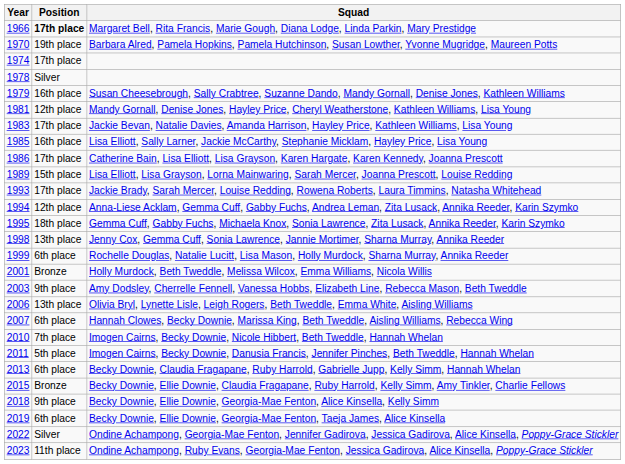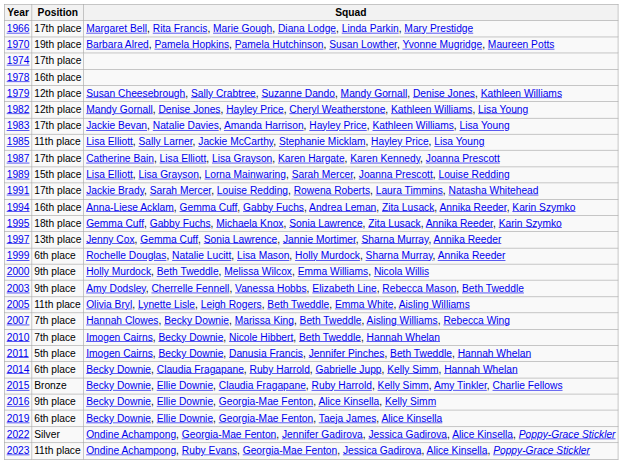 <table class="wikitable mw-collapsible">
 <tr>
 <th>Year</th>
 <th>Position</th>
 <th>Squad</th>
 </tr>
 <tr>
 <td><a href='#'>1966</a></td>
-<td><strong>17th place</strong></td>
+<td>17th place</td>
 <td><a href='#'>Margaret Bell</a>, <a href='#'>Rita Francis</a>, <a href='#'>Marie Gough</a>, <a href='#'>Diana Lodge</a>, <a href='#'>Linda Parkin</a>, <a href='#'>Mary Prestidge</a></td>
 </tr>
 <tr>
 <td><a href='#'>1970</a></td>
 <td>19th place</td>
 <td><a href='#'>Barbara Alred</a>, <a href='#'>Pamela Hopkins</a>, <a href='#'>Pamela Hutchinson</a>, <a href='#'>Susan Lowther</a>, <a href='#'>Yvonne Mugridge</a>, <a href='#'>Maureen Potts</a></td>
 </tr>
 <tr>
 <td><a href='#'>1974</a></td>
 <td>17th place</td>
 <td></td>
 </tr>
 <tr>
 <td><a href='#'>1978</a></td>
-<td> Silver</td>
+<td>16th place</td>
 <td></td>
 </tr>
 <tr>
 <td><a href='#'>1979</a></td>
-<td>16th place</td>
+<td>12th place</td>
 <td><a href='#'>Susan Cheesebrough</a>, <a href='#'>Sally Crabtree</a>, <a href='#'>Suzanne Dando</a>, <a href='#'>Mandy Gornall</a>, <a href='#'>Denise Jones</a>, <a href='#'>Kathleen Williams</a></td>
 </tr>
 <tr>
-<td><a href='#'>1981</a></td>
+<td><a href='#'>1982</a></td>
 <td>12th place</td>
 <td><a href='#'>Mandy Gornall</a>, <a href='#'>Denise Jones</a>, <a href='#'>Hayley Price</a>, <a href='#'>Cheryl Weatherstone</a>, <a href='#'>Kathleen Williams</a>, <a href='#'>Lisa Young</a></td>
 </tr>
 <tr>
 <td><a href='#'>1983</a></td>
 <td>17th place</td>
 <td><a href='#'>Jackie Bevan</a>, <a href='#'>Natalie Davies</a>, <a href='#'>Amanda Harrison</a>, <a href='#'>Hayley Price</a>, <a href='#'>Kathleen Williams</a>, <a href='#'>Lisa Young</a></td>
 </tr>
 <tr>
 <td><a href='#'>1985</a></td>
-<td>16th place</td>
+<td>11th place</td>
 <td><a href='#'>Lisa Elliott</a>, <a href='#'>Sally Larner</a>, <a href='#'>Jackie McCarthy</a>, <a href='#'>Stephanie Micklam</a>, <a href='#'>Hayley Price</a>, <a href='#'>Lisa Young</a></td>
 </tr>
 <tr>
-<td><a href='#'>1986</a></td>
+<td><a href='#'>1987</a></td>
 <td>17th place</td>
 <td><a href='#'>Catherine Bain</a>, <a href='#'>Lisa Elliott</a>, <a href='#'>Lisa Grayson</a>, <a href='#'>Karen Hargate</a>, <a href='#'>Karen Kennedy</a>, <a href='#'>Joanna Prescott</a></td>
 </tr>
 <tr>
 <td><a href='#'>1989</a></td>
 <td>15th place</td>
 <td><a href='#'>Lisa Elliott</a>, <a href='#'>Lisa Grayson</a>, <a href='#'>Lorna Mainwaring</a>, <a href='#'>Sarah Mercer</a>, <a href='#'>Joanna Prescott</a>, <a href='#'>Louise Redding</a></td>
 </tr>
 <tr>
-<td><a href='#'>1993</a></td>
+<td><a href='#'>1991</a></td>
 <td>17th place</td>
 <td><a href='#'>Jackie Brady</a>, <a href='#'>Sarah Mercer</a>, <a href='#'>Louise Redding</a>, <a href='#'>Rowena Roberts</a>, <a href='#'>Laura Timmins</a>, <a href='#'>Natasha Whitehead</a></td>
 </tr>
 <tr>
 <td><a href='#'>1994</a></td>
-<td>12th place</td>
+<td>16th place</td>
 <td><a href='#'>Anna-Liese Acklam</a>, <a href='#'>Gemma Cuff</a>, <a href='#'>Gabby Fuchs</a>, <a href='#'>Andrea Leman</a>, <a href='#'>Zita Lusack</a>, <a href='#'>Annika Reeder</a>, <a href='#'>Karin Szymko</a></td>
 </tr>
 <tr>
 <td><a href='#'>1995</a></td>
 <td>18th place</td>
 <td><a href='#'>Gemma Cuff</a>, <a href='#'>Gabby Fuchs</a>, <a href='#'>Michaela Knox</a>, <a href='#'>Sonia Lawrence</a>, <a href='#'>Zita Lusack</a>, <a href='#'>Annika Reeder</a>, <a href='#'>Karin Szymko</a></td>
 </tr>
 <tr>
-<td><a href='#'>1998</a></td>
+<td><a href='#'>1997</a></td>
 <td>13th place</td>
 <td><a href='#'>Jenny Cox</a>, <a href='#'>Gemma Cuff</a>, <a href='#'>Sonia Lawrence</a>, <a href='#'>Jannie Mortimer</a>, <a href='#'>Sharna Murray</a>, <a href='#'>Annika Reeder</a></td>
 </tr>
 <tr>
 <td><a href='#'>1999</a></td>
 <td>6th place</td>
 <td><a href='#'>Rochelle Douglas</a>, <a href='#'>Natalie Lucitt</a>, <a href='#'>Lisa Mason</a>, <a href='#'>Holly Murdock</a>, <a href='#'>Sharna Murray</a>, <a href='#'>Annika Reeder</a></td>
 </tr>
 <tr>
-<td><a href='#'>2001</a></td>
-<td> Bronze</td>
+<td><a href='#'>2000</a></td>
+<td>9th place</td>
 <td><a href='#'>Holly Murdock</a>, <a href='#'>Beth Tweddle</a>, <a href='#'>Melissa Wilcox</a>, <a href='#'>Emma Williams</a>, <a href='#'>Nicola Willis</a></td>
 </tr>
 <tr>
 <td><a href='#'>2003</a></td>
 <td>9th place</td>
 <td><a href='#'>Amy Dodsley</a>, <a href='#'>Cherrelle Fennell</a>, <a href='#'>Vanessa Hobbs</a>, <a href='#'>Elizabeth Line</a>, <a href='#'>Rebecca Mason</a>, <a href='#'>Beth Tweddle</a></td>
 </tr>
 <tr>
-<td><a href='#'>2006</a></td>
-<td>13th place</td>
+<td><a href='#'>2005</a></td>
+<td>11th place</td>
 <td><a href='#'>Olivia Bryl</a>, <a href='#'>Lynette Lisle</a>, <a href='#'>Leigh Rogers</a>, <a href='#'>Beth Tweddle</a>, <a href='#'>Emma White</a>, <a href='#'>Aisling Williams</a></td>
 </tr>
 <tr>
 <td><a href='#'>2007</a></td>
-<td>6th place</td>
+<td>7th place</td>
 <td><a href='#'>Hannah Clowes</a>, <a href='#'>Becky Downie</a>, <a href='#'>Marissa King</a>, <a href='#'>Beth Tweddle</a>, <a href='#'>Aisling Williams</a>, <a href='#'>Rebecca Wing</a></td>
 </tr>
 <tr>
 <td><a href='#'>2010</a></td>
 <td>7th place</td>
 <td><a href='#'>Imogen Cairns</a>, <a href='#'>Becky Downie</a>, <a href='#'>Nicole Hibbert</a>, <a href='#'>Beth Tweddle</a>, <a href='#'>Hannah Whelan</a></td>
 </tr>
 <tr>
 <td><a href='#'>2011</a></td>
 <td>5th place</td>
 <td><a href='#'>Imogen Cairns</a>, <a href='#'>Becky Downie</a>, <a href='#'>Danusia Francis</a>, <a href='#'>Jennifer Pinches</a>, <a href='#'>Beth Tweddle</a>, <a href='#'>Hannah Whelan</a></td>
 </tr>
 <tr>
-<td><a href='#'>2013</a></td>
+<td><a href='#'>2014</a></td>
 <td>6th place</td>
 <td><a href='#'>Becky Downie</a>, <a href='#'>Claudia Fragapane</a>, <a href='#'>Ruby Harrold</a>, <a href='#'>Gabrielle Jupp</a>, <a href='#'>Kelly Simm</a>, <a href='#'>Hannah Whelan</a></td>
 </tr>
 <tr>
 <td><a href='#'>2015</a></td>
 <td> Bronze</td>
 <td><a href='#'>Becky Downie</a>, <a href='#'>Ellie Downie</a>, <a href='#'>Claudia Fragapane</a>, <a href='#'>Ruby Harrold</a>, <a href='#'>Kelly Simm</a>, <a href='#'>Amy Tinkler</a>, <a href='#'>Charlie Fellows</a></td>
 </tr>
 <tr>
-<td><a href='#'>2018</a></td>
+<td><a href='#'>2016</a></td>
 <td>9th place</td>
 <td><a href='#'>Becky Downie</a>, <a href='#'>Ellie Downie</a>, <a href='#'>Georgia-Mae Fenton</a>, <a href='#'>Alice Kinsella</a>, <a href='#'>Kelly Simm</a></td>
 </tr>
 <tr>
 <td><a href='#'>2019</a></td>
 <td>6th place</td>
 <td><a href='#'>Becky Downie</a>, <a href='#'>Ellie Downie</a>, <a href='#'>Georgia-Mae Fenton</a>, <a href='#'>Taeja James</a>, <a href='#'>Alice Kinsella</a></td>
 </tr>
 <tr>
 <td><a href='#'>2022</a></td>
 <td> Silver</td>
 <td><a href='#'>Ondine Achampong</a>, <a href='#'>Georgia-Mae Fenton</a>, <a href='#'>Jennifer Gadirova</a>, <a href='#'>Jessica Gadirova</a>, <a href='#'>Alice Kinsella</a>, <em><a href='#'>Poppy-Grace Stickler</a></em></td>
 </tr>
 <tr>
 <td><a href='#'>2023</a></td>
 <td>11th place</td>
 <td><a href='#'>Ondine Achampong</a>, <a href='#'>Ruby Evans</a>, <a href='#'>Georgia-Mae Fenton</a>, <a href='#'>Jessica Gadirova</a>, <a href='#'>Alice Kinsella</a>, <em><a href='#'>Poppy-Grace Stickler</a></em></td>
 </tr>
 </table>
